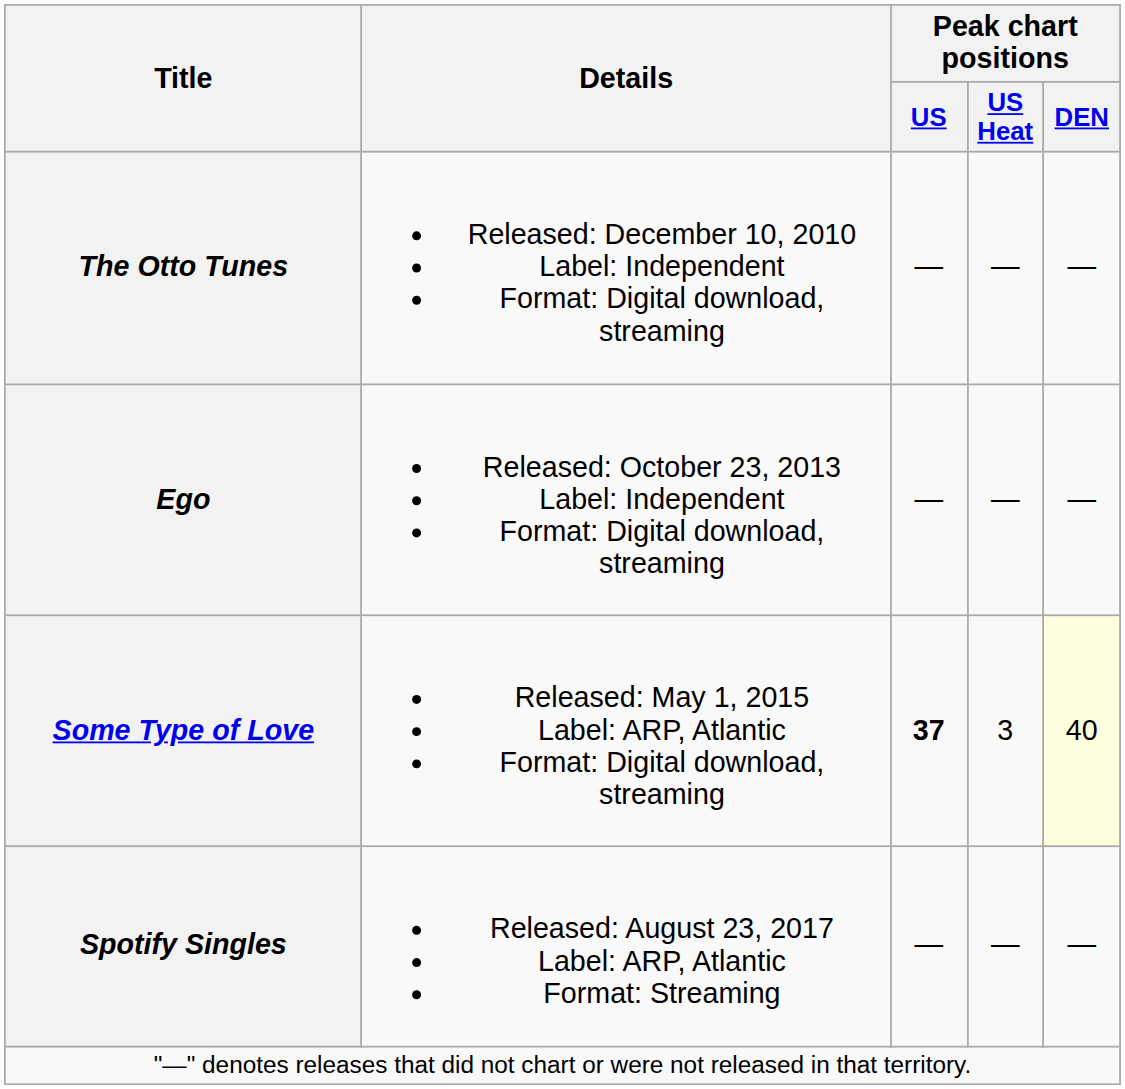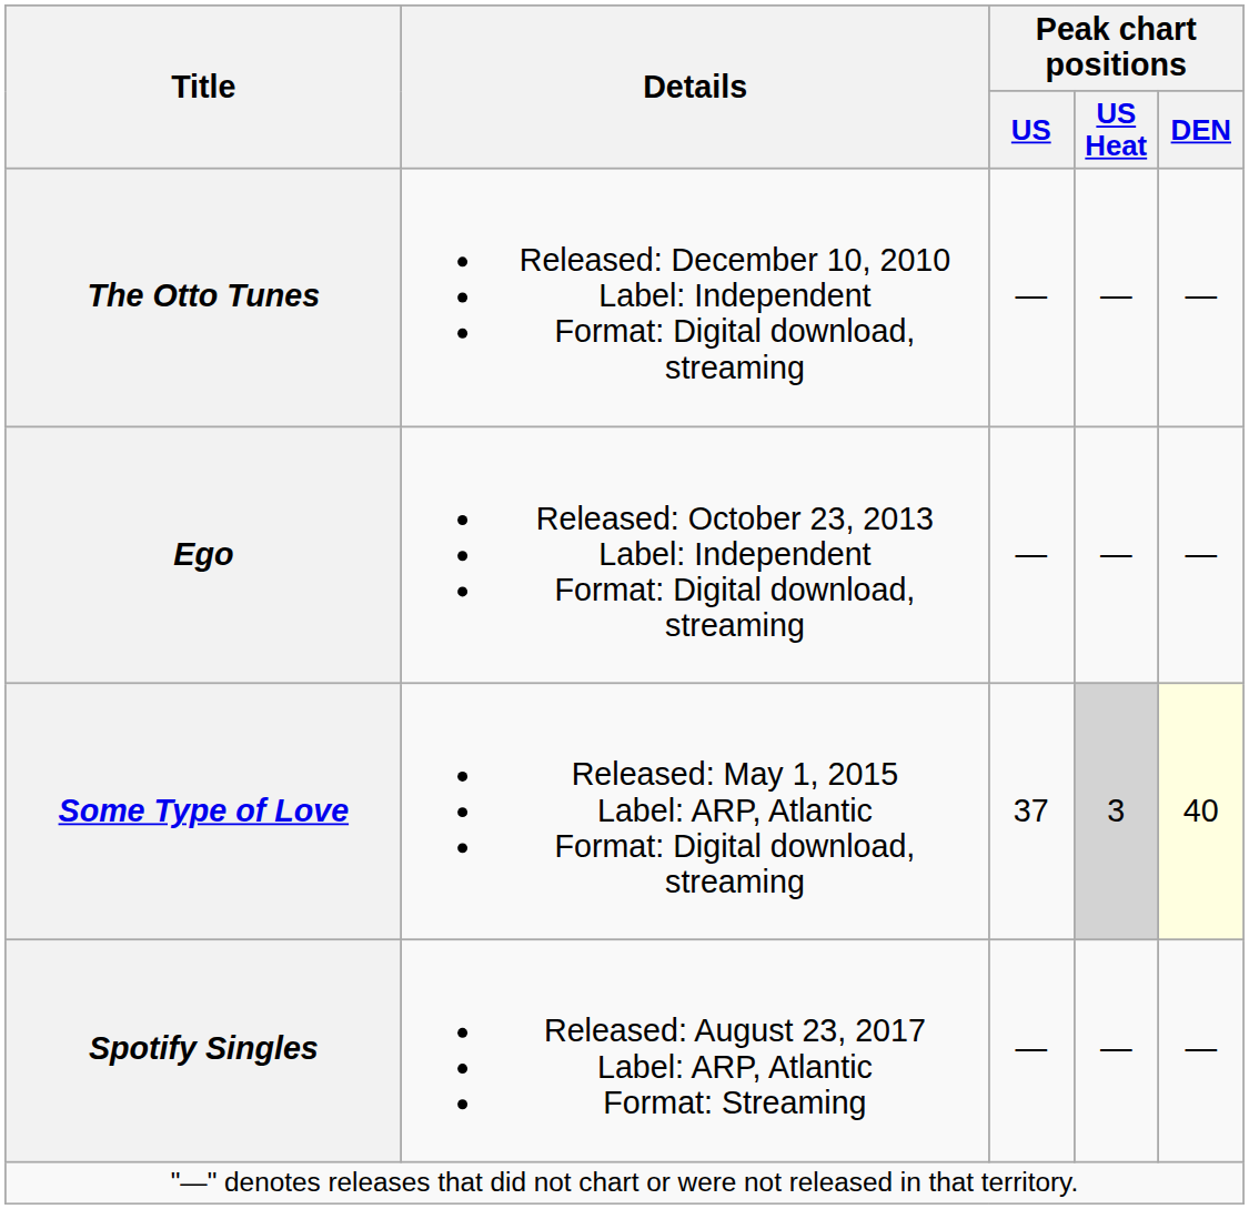 <table class="wikitable plainrowheaders" style="text-align:center;">
 <tr>
 <th scope="col" rowspan="2" style="width:12em;">Title</th>
 <th scope="col" rowspan="2" style="width:18em;">Details</th>
 <th scope="col" colspan="3">Peak chart<br>positions</th>
 </tr>
 <tr>
 <th scope="col" style="width:2.5em;font-size:90%;"><a href='#'>US</a><br></th>
 <th scope="col" style="width:2.5em;font-size:90%;"><a href='#'>US<br>Heat</a><br></th>
 <th scope="col" style="width:2.5em;font-size:90%;"><a href='#'>DEN</a><br></th>
 </tr>
 <tr>
 <th scope="row"><em>The Otto Tunes</em></th>
 <td><br><ul><li>Released: December 10, 2010</li><li>Label: Independent</li><li>Format: Digital download, streaming</li></ul></td>
 <td>—</td>
 <td>—</td>
 <td>—</td>
 </tr>
 <tr>
 <th scope="row"><em>Ego</em></th>
 <td><br><ul><li>Released: October 23, 2013</li><li>Label: Independent</li><li>Format: Digital download, streaming</li></ul></td>
 <td>—</td>
 <td>—</td>
 <td>—</td>
 </tr>
 <tr>
 <th scope="row"><em><a href='#'>Some Type of Love</a></em></th>
 <td><br><ul><li>Released: May 1, 2015</li><li>Label: ARP, Atlantic</li><li>Format: Digital download, streaming</li></ul></td>
-<td><strong>37</strong></td>
-<td>3</td>
+<td>37</td>
+<td style="background: lightgrey;">3</td>
 <td style="background: lightyellow;">40</td>
 </tr>
 <tr>
 <th scope="row"><em>Spotify Singles</em></th>
 <td><br><ul><li>Released: August 23, 2017</li><li>Label: ARP, Atlantic</li><li>Format: Streaming</li></ul></td>
 <td>—</td>
 <td>—</td>
 <td>—</td>
 </tr>
 <tr>
 <td align="center" colspan="15" style="font-size:85%">"—" denotes releases that did not chart or were not released in that territory.</td>
 </tr>
 </table>
